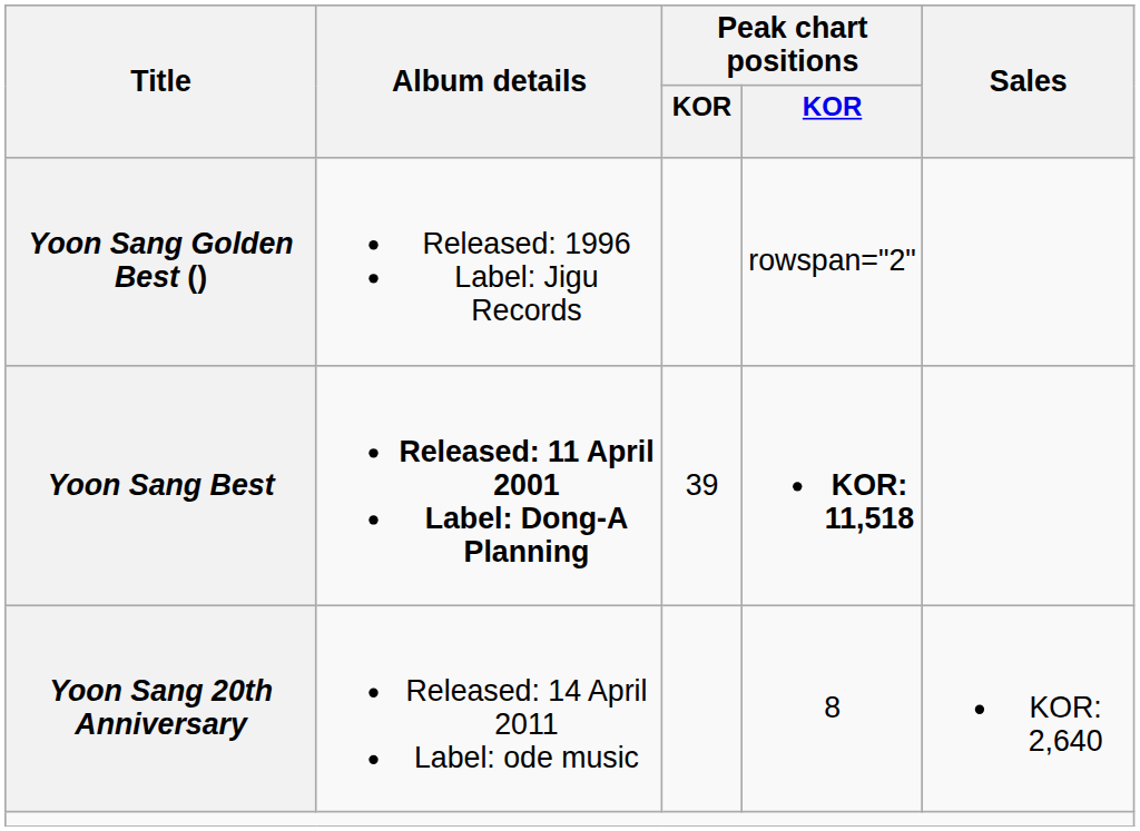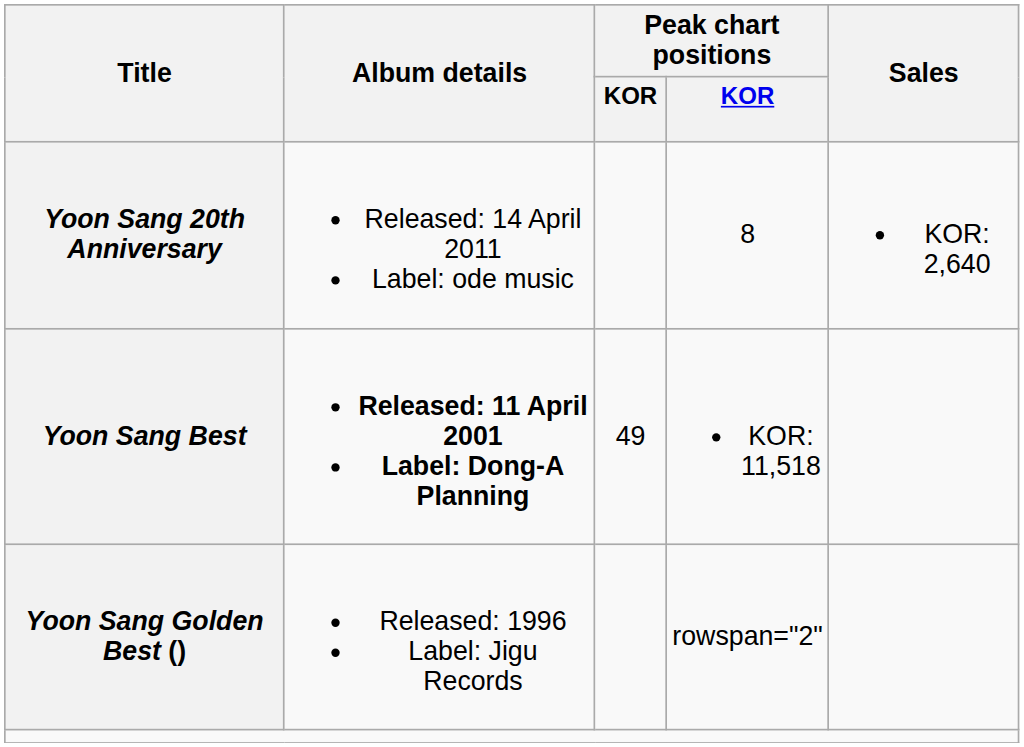 <table class="wikitable plainrowheaders" style="text-align:center;">
 <tr>
 <th rowspan="2" scope="col" style="width:10em;">Title</th>
 <th rowspan="2" scope="col">Album details</th>
 <th colspan="2" scope="col">Peak chart positions</th>
 <th rowspan="2" scope="col">Sales</th>
 </tr>
 <tr>
 <th scope="col" style="width:2.5em;font-size:90%;">KOR<br><br></th>
 <th scope="col" style="width:2.5em;font-size:90%;"><a href='#'>KOR<br></a><br></th>
 </tr>
 <tr>
+<th scope="row"><em>Yoon Sang 20th Anniversary</em></th>
+<td><br><ul><li>Released: 14 April 2011</li><li>Label: ode music</li></ul></td>
+<td></td>
+<td>8</td>
+<td><br><ul><li>KOR: 2,640</li></ul></td>
+</tr>
+<tr>
+<th scope="row"><em>Yoon Sang Best</em></th>
+<td><strong><br><ul><li>Released: 11 April 2001</li><li>Label: Dong-A Planning</li></ul></strong></td>
+<td>49</td>
+<td><br><ul><li>KOR: 11,518</li></ul></td>
+</tr>
+<tr>
 <th scope="row"><em>Yoon Sang Golden Best</em> ()</th>
 <td><br><ul><li>Released: 1996</li><li>Label: Jigu Records</li></ul></td>
 <td></td>
 <td>rowspan="2" </td>
 <td></td>
 </tr>
 <tr>
-<th scope="row"><em>Yoon Sang Best</em></th>
-<td><strong><br><ul><li>Released: 11 April 2001</li><li>Label: Dong-A Planning</li></ul></strong></td>
-<td>39</td>
-<td><strong><br><ul><li>KOR: 11,518</li></ul></strong></td>
-</tr>
-<tr>
-<th scope="row"><em>Yoon Sang 20th Anniversary</em></th>
-<td><br><ul><li>Released: 14 April 2011</li><li>Label: ode music</li></ul></td>
-<td></td>
-<td>8</td>
-<td><br><ul><li>KOR: 2,640</li></ul></td>
-</tr>
-<tr>
 <td colspan="5"></td>
 </tr>
 </table>
